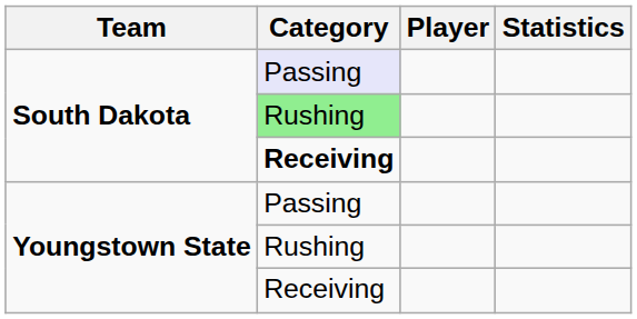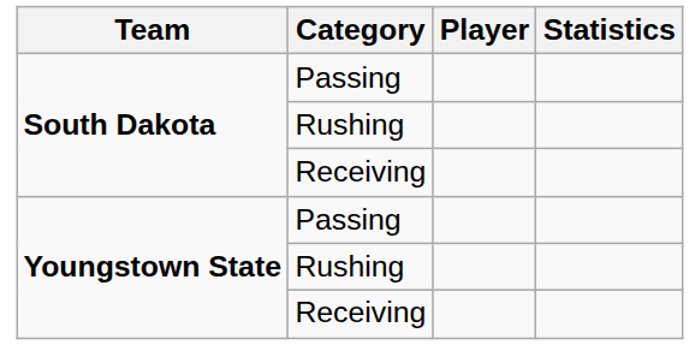 <table class="wikitable" style="float: right;">
 <tr>
 <th>Team</th>
 <th>Category</th>
 <th>Player</th>
 <th>Statistics</th>
 </tr>
 <tr>
 <td rowspan=3><strong>South Dakota</strong></td>
-<td style="background: lavender;">Passing</td>
+<td>Passing</td>
 <td></td>
 <td></td>
 </tr>
 <tr>
-<td style="background: lightgreen;">Rushing</td>
+<td>Rushing</td>
 <td></td>
 <td></td>
 </tr>
 <tr>
-<td><strong>Receiving</strong></td>
+<td>Receiving</td>
 <td></td>
 <td></td>
 </tr>
 <tr>
 <td rowspan=3><strong>Youngstown State</strong></td>
 <td>Passing</td>
 <td></td>
 <td></td>
 </tr>
 <tr>
 <td>Rushing</td>
 <td></td>
 <td></td>
 </tr>
 <tr>
 <td>Receiving</td>
 <td></td>
 <td></td>
 </tr>
 </table>
